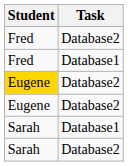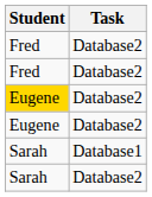 <table class="wikitable">
 <tr>
 <th>Student</th>
 <th>Task</th>
 </tr>
 <tr>
 <td>Fred</td>
 <td>Database2</td>
 </tr>
 <tr>
 <td>Fred</td>
-<td>Database1</td>
+<td>Database2</td>
 </tr>
 <tr>
 <td style="background: gold;">Eugene</td>
 <td>Database2</td>
 </tr>
 <tr>
 <td>Eugene</td>
 <td>Database2</td>
 </tr>
 <tr>
 <td>Sarah</td>
 <td>Database1</td>
 </tr>
 <tr>
 <td>Sarah</td>
 <td>Database2</td>
 </tr>
 </table>
